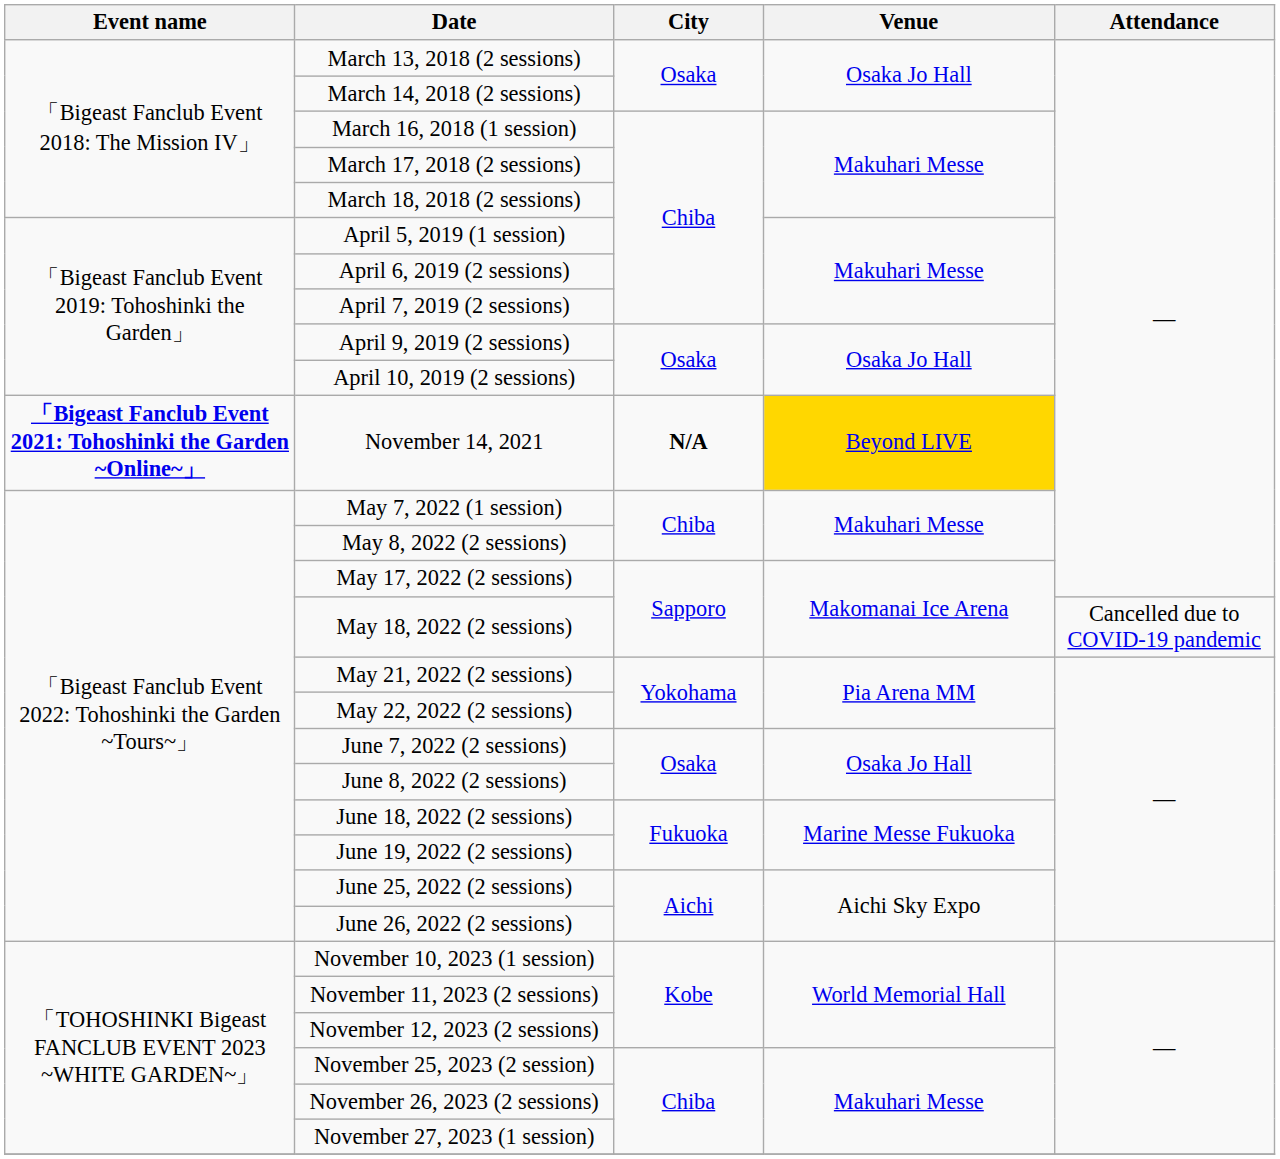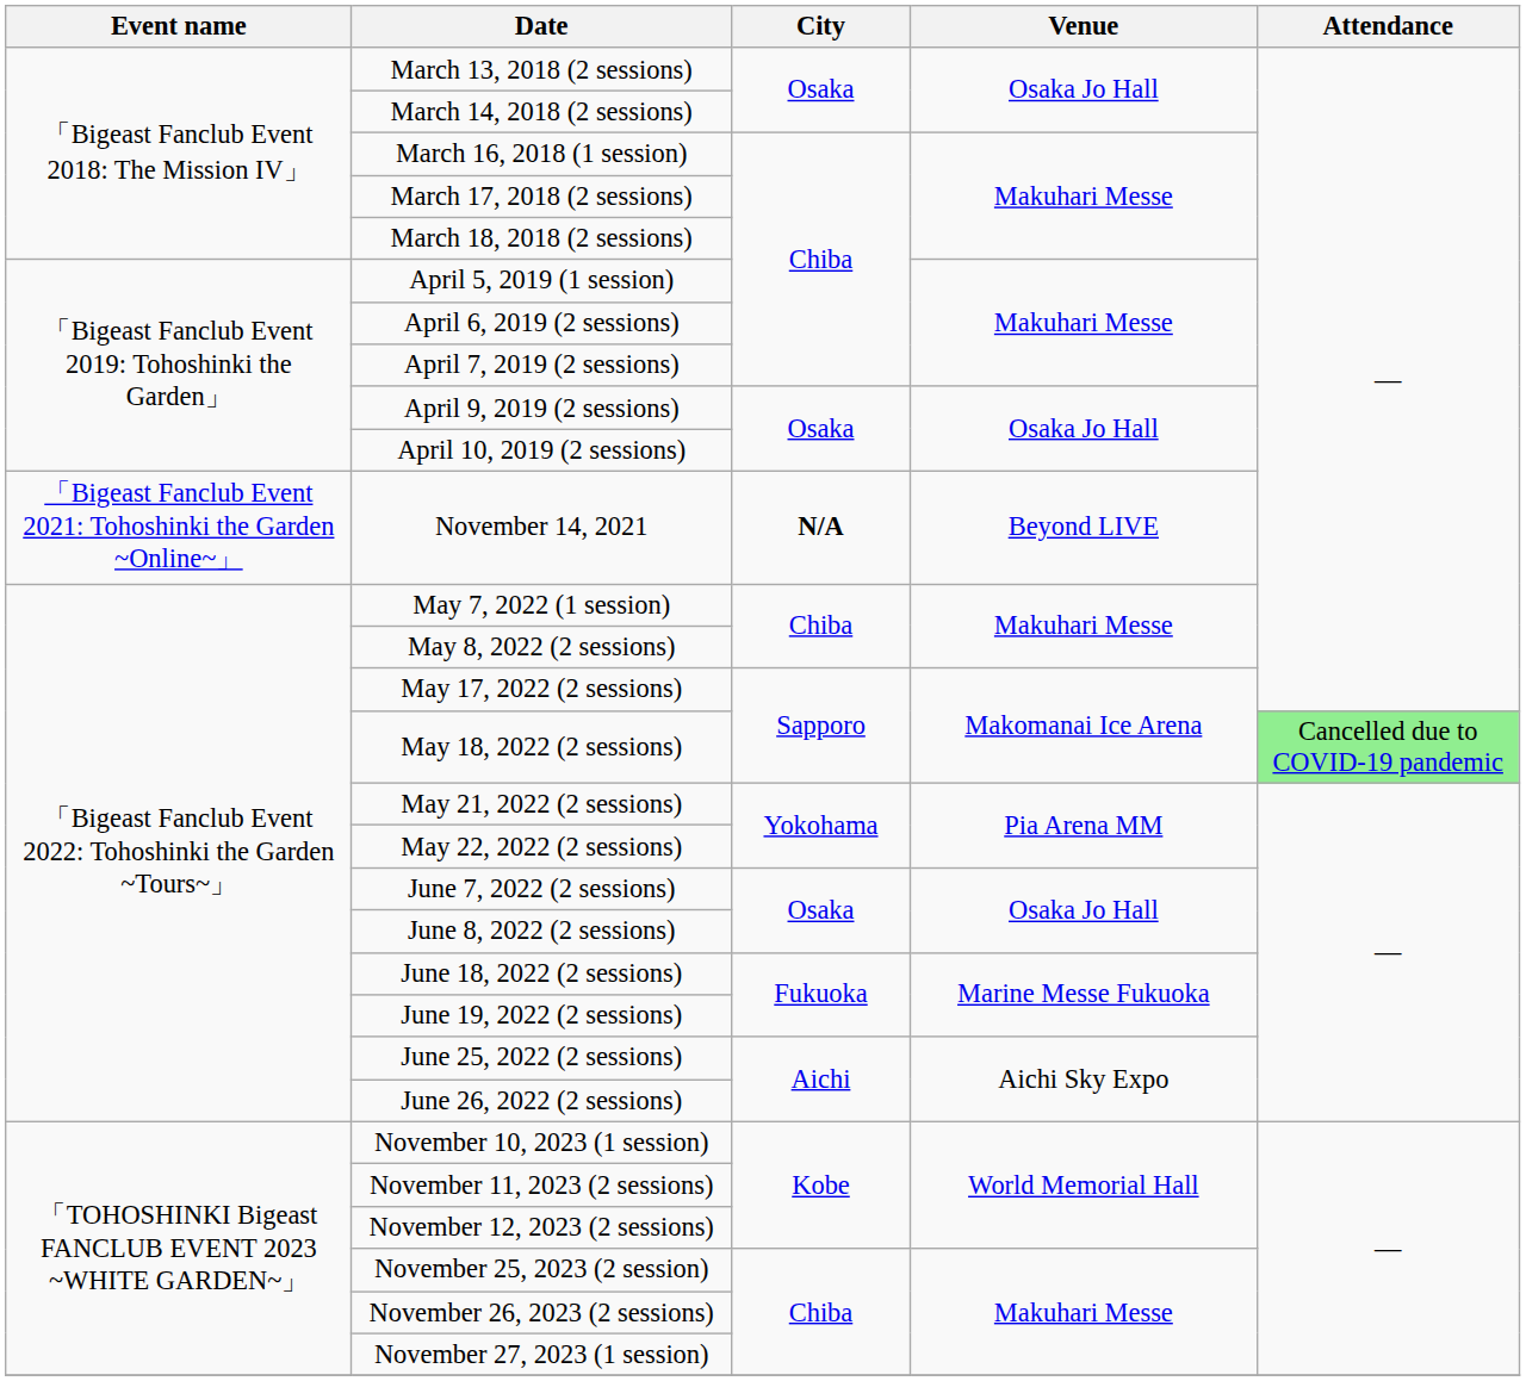 <table class="wikitable" style="text-align:center;">
 <tr>
 <th width=200>Event name</th>
 <th width=220>Date</th>
 <th width=100>City</th>
 <th width=200>Venue</th>
 <th width=150>Attendance</th>
 </tr>
 <tr>
 <td rowspan=5>「Bigeast Fanclub Event 2018: The Mission IV」</td>
 <td>March 13, 2018 (2 sessions)</td>
 <td rowspan=2><a href='#'>Osaka</a></td>
 <td rowspan=2><a href='#'>Osaka Jo Hall</a></td>
 <td rowspan="14">—</td>
 </tr>
 <tr>
 <td>March 14, 2018 (2 sessions)</td>
 </tr>
 <tr>
 <td>March 16, 2018 (1 session)</td>
 <td rowspan="6"><a href='#'>Chiba</a></td>
 <td rowspan=3><a href='#'>Makuhari Messe</a></td>
 </tr>
 <tr>
 <td>March 17, 2018 (2 sessions)</td>
 </tr>
 <tr>
 <td>March 18, 2018 (2 sessions)</td>
 </tr>
 <tr>
 <td rowspan="5">「Bigeast Fanclub Event 2019: Tohoshinki the Garden」</td>
 <td>April 5, 2019 (1 session)</td>
 <td rowspan="3"><a href='#'>Makuhari Messe</a></td>
 </tr>
 <tr>
 <td>April 6, 2019 (2 sessions)</td>
 </tr>
 <tr>
 <td>April 7, 2019 (2 sessions)</td>
 </tr>
 <tr>
 <td>April 9, 2019 (2 sessions)</td>
 <td rowspan=2><a href='#'>Osaka</a></td>
 <td rowspan=2><a href='#'>Osaka Jo Hall</a></td>
 </tr>
 <tr>
 <td>April 10, 2019 (2 sessions)</td>
 </tr>
 <tr>
-<td><strong><a href='#'>「Bigeast Fanclub Event 2021: Tohoshinki the Garden ~Online~」</a></strong></td>
+<td><a href='#'>「Bigeast Fanclub Event 2021: Tohoshinki the Garden ~Online~」</a></td>
 <td>November 14, 2021</td>
 <td><strong>N/A</strong></td>
-<td style="background: gold;"><a href='#'>Beyond LIVE</a></td>
+<td><a href='#'>Beyond LIVE</a></td>
 </tr>
 <tr>
 <td rowspan="12">「Bigeast Fanclub Event 2022: Tohoshinki the Garden ~Tours~」</td>
 <td>May 7, 2022 (1 session)</td>
 <td rowspan="2"><a href='#'>Chiba</a></td>
 <td rowspan="2"><a href='#'>Makuhari Messe</a></td>
 </tr>
 <tr>
 <td>May 8, 2022 (2 sessions)</td>
 </tr>
 <tr>
 <td>May 17, 2022 (2 sessions)</td>
 <td rowspan="2"><a href='#'>Sapporo</a></td>
 <td rowspan="2"><a href='#'>Makomanai Ice Arena</a></td>
 </tr>
 <tr>
 <td>May 18, 2022 (2 sessions)</td>
-<td>Cancelled due to <a href='#'>COVID-19 pandemic</a></td>
+<td style="background: lightgreen;">Cancelled due to <a href='#'>COVID-19 pandemic</a></td>
 </tr>
 <tr>
 <td>May 21, 2022 (2 sessions)</td>
 <td rowspan="2"><a href='#'>Yokohama</a></td>
 <td rowspan="2"><a href='#'>Pia Arena MM</a></td>
 <td rowspan="8">—</td>
 </tr>
 <tr>
 <td>May 22, 2022 (2 sessions)</td>
 </tr>
 <tr>
 <td>June 7, 2022 (2 sessions)</td>
 <td rowspan="2"><a href='#'>Osaka</a></td>
 <td rowspan="2"><a href='#'>Osaka Jo Hall</a></td>
 </tr>
 <tr>
 <td>June 8, 2022 (2 sessions)</td>
 </tr>
 <tr>
 <td>June 18, 2022 (2 sessions)</td>
 <td rowspan="2"><a href='#'>Fukuoka</a></td>
 <td rowspan="2"><a href='#'>Marine Messe Fukuoka</a></td>
 </tr>
 <tr>
 <td>June 19, 2022 (2 sessions)</td>
 </tr>
 <tr>
 <td>June 25, 2022 (2 sessions)</td>
 <td rowspan="2"><a href='#'>Aichi</a></td>
 <td rowspan="2">Aichi Sky Expo</td>
 </tr>
 <tr>
 <td>June 26, 2022 (2 sessions)</td>
 </tr>
 <tr>
 <td rowspan="6">「TOHOSHINKI Bigeast FANCLUB EVENT 2023 ~WHITE GARDEN~」</td>
 <td>November 10, 2023 (1 session)</td>
 <td rowspan="3"><a href='#'>Kobe</a></td>
 <td rowspan="3"><a href='#'>World Memorial Hall</a></td>
 <td rowspan="6">—</td>
 </tr>
 <tr>
 <td>November 11, 2023 (2 sessions)</td>
 </tr>
 <tr>
 <td>November 12, 2023 (2 sessions)</td>
 </tr>
 <tr>
 <td>November 25, 2023 (2 session)</td>
 <td rowspan="3"><a href='#'>Chiba</a></td>
 <td rowspan="3"><a href='#'>Makuhari Messe</a></td>
 </tr>
 <tr>
 <td>November 26, 2023 (2 sessions)</td>
 </tr>
 <tr>
 <td>November 27, 2023 (1 session)</td>
 </tr>
 <tr>
 </tr>
 </table>
